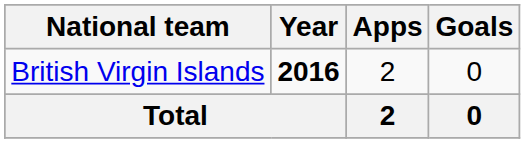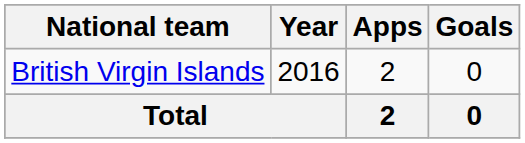 <table class="wikitable" style="text-align:center">
 <tr>
 <th>National team</th>
 <th>Year</th>
 <th>Apps</th>
 <th>Goals</th>
 </tr>
 <tr>
 <td rowspan=1><a href='#'>British Virgin Islands</a></td>
-<td><strong>2016</strong></td>
+<td>2016</td>
 <td>2</td>
 <td>0</td>
 </tr>
 <tr>
 <th colspan=2>Total</th>
 <th>2</th>
 <th>0</th>
 </tr>
 </table>
